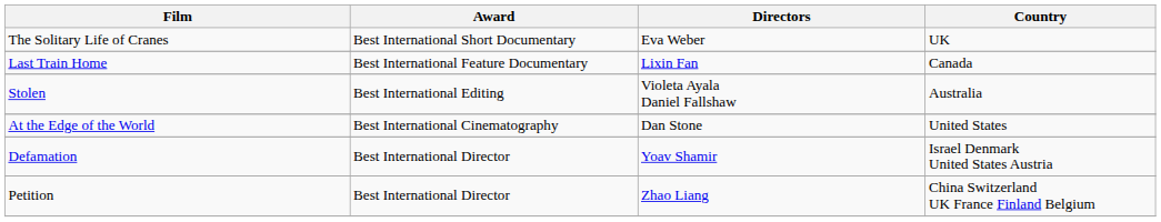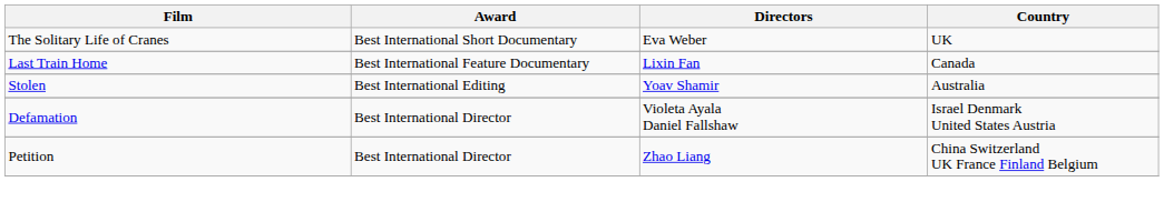 <table class="wikitable" style="width:100%;">
 <tr>
 <th width="30%">Film</th>
 <th width="25%">Award</th>
 <th width="25%">Directors</th>
 <th width="20%">Country</th>
 </tr>
 <tr>
 <td>The Solitary Life of Cranes</td>
 <td>Best International Short Documentary</td>
 <td>Eva Weber</td>
 <td> UK</td>
 </tr>
 <tr>
 </tr>
 <tr>
 <td><a href='#'>Last Train Home</a></td>
 <td>Best International Feature Documentary</td>
 <td><a href='#'>Lixin Fan</a></td>
 <td> Canada</td>
 </tr>
 <tr>
 </tr>
 <tr>
 <td><a href='#'>Stolen</a></td>
 <td>Best International Editing</td>
-<td>Violeta Ayala<br>Daniel Fallshaw</td>
+<td><a href='#'>Yoav Shamir</a></td>
 <td> Australia</td>
 </tr>
 <tr>
-</tr>
-<tr>
-<td><a href='#'>At the Edge of the World</a></td>
-<td>Best International Cinematography</td>
-<td>Dan Stone</td>
-<td> United States</td>
 </tr>
 <tr>
 </tr>
 <tr>
 <td><a href='#'>Defamation</a></td>
 <td>Best International Director</td>
-<td><a href='#'>Yoav Shamir</a></td>
+<td>Violeta Ayala<br>Daniel Fallshaw</td>
 <td> Israel  Denmark<br> United States   Austria</td>
 </tr>
 <tr>
 </tr>
 <tr>
 <td>Petition</td>
 <td>Best International Director</td>
 <td><a href='#'>Zhao Liang</a></td>
 <td> China  Switzerland<br> UK  France  <a href='#'>Finland</a>  Belgium</td>
 </tr>
 <tr>
 </tr>
 </table>
